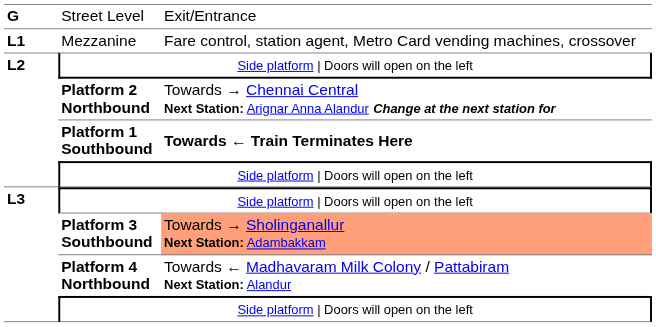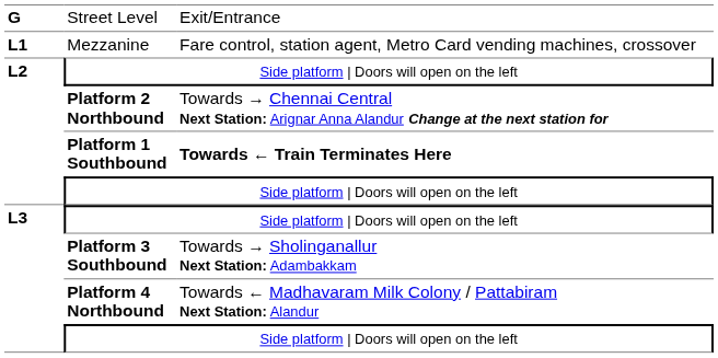 <table table border=0 cellspacing=0 cellpadding=3>
 <tr>
 <td style="border-bottom:solid 1px gray;border-top:solid 1px gray;" width=50 valign=top><strong>G</strong></td>
 <td style="border-top:solid 1px gray;border-bottom:solid 1px gray;" width=100 valign=top>Street Level</td>
 <td style="border-top:solid 1px gray;border-bottom:solid 1px gray;" width=500 valign=top>Exit/Entrance</td>
 </tr>
 <tr>
 <td valign=top><strong>L1</strong></td>
 <td valign=top>Mezzanine</td>
 <td valign=top>Fare control, station agent, Metro Card vending machines, crossover<br></td>
 </tr>
 <tr>
 <td style="border-top:solid 1px gray;border-bottom:solid 1px gray;" width=50 rowspan=4 valign=top><strong>L2</strong></td>
 <td style="border-top:solid 1px gray;border-right:solid 2px black;border-left:solid 2px black;border-bottom:solid 2px black;text-align:center;" colspan=2><small><a href='#'>Side platform</a> | Doors will open on the left </small></td>
 </tr>
 <tr>
 <td style="border-bottom:solid 1px gray;" width=100><span><strong>Platform 2</strong><br><strong>Northbound</strong></span></td>
 <td style="border-bottom:solid 1px gray;" width=500>Towards → <a href='#'>Chennai Central</a><br><small><strong>Next Station:</strong> <a href='#'>Arignar Anna Alandur</a></small> <small><strong><em>Change at the next station for </em></strong></small></td>
 </tr>
 <tr>
 <td><span><strong>Platform 1</strong><br><strong>Southbound</strong></span></td>
 <td><strong><span></span>Towards ← Train Terminates Here</strong></td>
 </tr>
 <tr>
 <td style="border-top:solid 2px black;border-right:solid 2px black;border-left:solid 2px black;border-bottom:solid 1px gray;text-align:center;" colspan=2><small><a href='#'>Side platform</a> | Doors will open on the left </small></td>
 </tr>
 <tr>
 <td style="border-bottom:solid 1px gray;" width=50 rowspan=4 valign=top><strong>L3</strong></td>
 <td style="border-top:solid 2px black;border-right:solid 2px black;border-left:solid 2px black;border-bottom:solid 1px gray;text-align:center;" colspan=2><small><a href='#'>Side platform</a> | Doors will open on the left </small></td>
 </tr>
 <tr>
 <td style="border-bottom:solid 1px gray;" width=100><span><strong>Platform 3</strong><br><strong>Southbound</strong></span></td>
-<td style="background: lightsalmon; border-bottom:solid 1px gray;" width=500>Towards → <a href='#'>Sholinganallur</a><br><small><strong>Next Station:</strong> <a href='#'>Adambakkam</a></small></td>
+<td style="border-bottom:solid 1px gray;" width=500>Towards → <a href='#'>Sholinganallur</a><br><small><strong>Next Station:</strong> <a href='#'>Adambakkam</a></small></td>
 </tr>
 <tr>
 <td><span><strong>Platform 4</strong><br><strong>Northbound</strong></span></td>
 <td><span></span>Towards ← <a href='#'>Madhavaram Milk Colony</a> / <a href='#'>Pattabiram</a><br><small><strong>Next Station:</strong> <a href='#'>Alandur</a></small></td>
 </tr>
 <tr>
 <td style="border-top:solid 2px black;border-right:solid 2px black;border-left:solid 2px black;border-bottom:solid 1px gray;text-align:center;" colspan=2><small><a href='#'>Side platform</a> | Doors will open on the left </small></td>
 </tr>
 </table>
